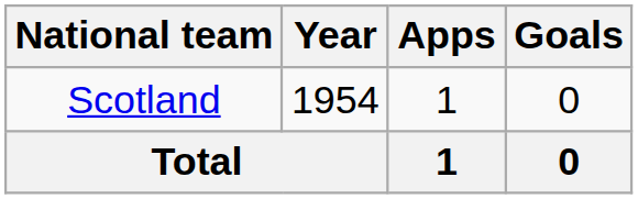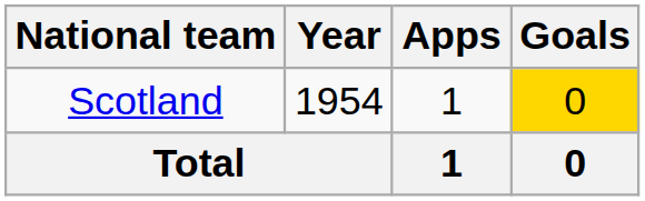 <table class="wikitable" style="text-align:center">
 <tr>
 <th>National team</th>
 <th>Year</th>
 <th>Apps</th>
 <th>Goals</th>
 </tr>
 <tr>
 <td><a href='#'>Scotland</a></td>
 <td>1954</td>
 <td>1</td>
-<td>0</td>
+<td style="background: gold;">0</td>
 </tr>
 <tr>
 <th colspan="2">Total</th>
 <th>1</th>
 <th>0</th>
 </tr>
 </table>
